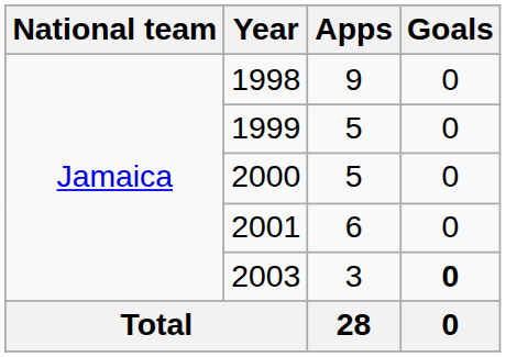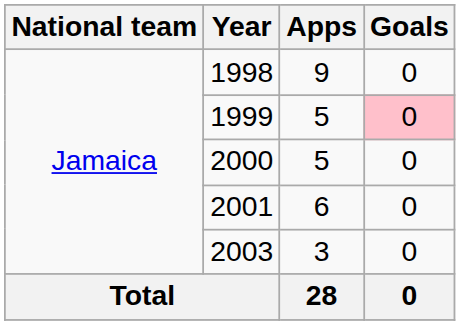 <table class=wikitable style="text-align: center;">
 <tr>
 <th>National team</th>
 <th>Year</th>
 <th>Apps</th>
 <th>Goals</th>
 </tr>
 <tr>
 <td rowspan="5" valign="center"><a href='#'>Jamaica</a></td>
 <td>1998</td>
 <td>9</td>
 <td>0</td>
 </tr>
 <tr>
 <td>1999</td>
 <td>5</td>
-<td>0</td>
+<td style="background: pink;">0</td>
 </tr>
 <tr>
 <td>2000</td>
 <td>5</td>
 <td>0</td>
 </tr>
 <tr>
 <td>2001</td>
 <td>6</td>
 <td>0</td>
 </tr>
 <tr>
 <td>2003</td>
 <td>3</td>
-<td><strong>0</strong></td>
+<td>0</td>
 </tr>
 <tr>
 <th colspan="2">Total</th>
 <th>28</th>
 <th>0</th>
 </tr>
 </table>
